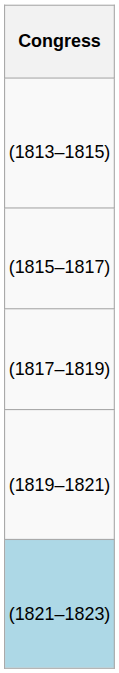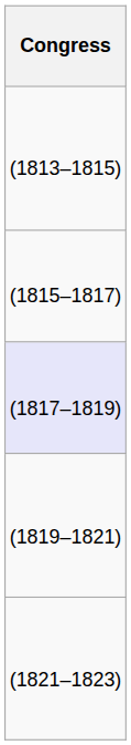 <table class="wikitable" style="float:left; margin:0; margin-right:-0.5px; margin-top:14px; text-align:center;">
 <tr style="white-space:nowrap; height:4.06em;">
 <th>Congress</th>
 </tr>
 <tr style="white-space:nowrap; height:7.24em;">
 <td><strong></strong><br>(1813–1815)</td>
 </tr>
 <tr style="white-space:nowrap; height:5.64em">
 <td><strong></strong><br>(1815–1817)</td>
 </tr>
 <tr style="white-space:nowrap; height:5.64em">
-<td><strong></strong><br>(1817–1819)</td>
+<td style="background: lavender;"><strong></strong><br>(1817–1819)</td>
 </tr>
 <tr style="white-space:nowrap; height:7.22em">
 <td><strong></strong><br>(1819–1821)</td>
 </tr>
 <tr style="white-space:nowrap; height:7.2em">
-<td style="background: lightblue;"><strong></strong><br>(1821–1823)</td>
+<td><strong></strong><br>(1821–1823)</td>
 </tr>
 </table>
